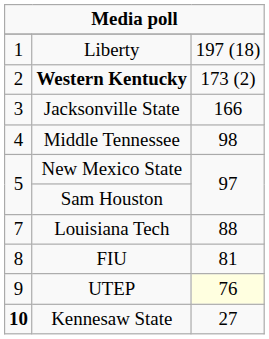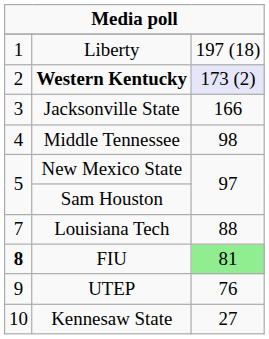 <table class="wikitable">
 <tr align="center">
 <td align="center" Colspan="3"><strong>Media poll</strong></td>
 </tr>
 <tr align="center">
 </tr>
 <tr align="center">
 <td>1</td>
 <td>Liberty</td>
 <td>197 (18)</td>
 </tr>
 <tr align="center">
 <td>2</td>
 <td><strong>Western Kentucky</strong></td>
-<td>173 (2)</td>
+<td style="background: lavender;">173 (2)</td>
 </tr>
 <tr align="center">
 <td>3</td>
 <td>Jacksonville State</td>
 <td>166</td>
 </tr>
 <tr align="center">
 <td>4</td>
 <td>Middle Tennessee</td>
 <td>98</td>
 </tr>
 <tr align="center">
 <td rowspan="2">5</td>
 <td>New Mexico State</td>
 <td rowspan="2">97</td>
 </tr>
 <tr align="center">
 <td>Sam Houston</td>
 </tr>
 <tr align="center">
 <td>7</td>
 <td>Louisiana Tech</td>
 <td>88</td>
 </tr>
 <tr align="center">
-<td>8</td>
+<td><strong>8</strong></td>
 <td>FIU</td>
-<td>81</td>
+<td style="background: lightgreen;">81</td>
 </tr>
 <tr align="center">
 <td>9</td>
 <td>UTEP</td>
-<td style="background: lightyellow;">76</td>
+<td>76</td>
 </tr>
 <tr align="center">
-<td><strong>10</strong></td>
+<td>10</td>
 <td>Kennesaw State</td>
 <td>27</td>
 </tr>
 </table>
